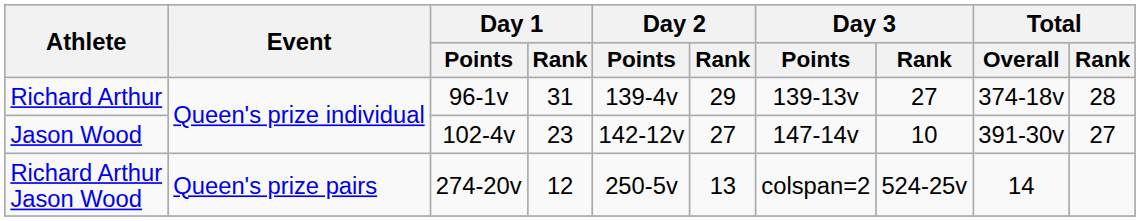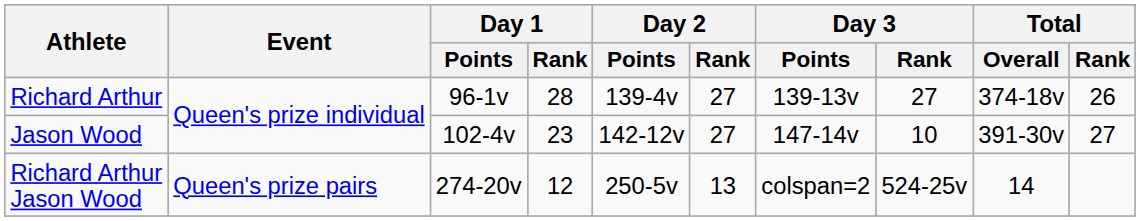 <table class="wikitable" style="font-size:90%">
 <tr>
 <th rowspan=2>Athlete</th>
 <th rowspan=2>Event</th>
 <th colspan=2>Day 1</th>
 <th colspan=2>Day 2</th>
 <th colspan=2>Day 3</th>
 <th colspan=2>Total</th>
 </tr>
 <tr style="font-size:95%">
 <th>Points</th>
 <th>Rank</th>
 <th>Points</th>
 <th>Rank</th>
 <th>Points</th>
 <th>Rank</th>
 <th>Overall</th>
 <th>Rank</th>
 </tr>
 <tr align=center>
 <td align=left><a href='#'>Richard Arthur</a></td>
 <td align=left rowspan=2><a href='#'>Queen's prize individual</a></td>
 <td>96-1v</td>
-<td>31</td>
+<td>28</td>
 <td>139-4v</td>
-<td>29</td>
+<td>27</td>
 <td>139-13v</td>
 <td>27</td>
 <td>374-18v</td>
-<td>28</td>
+<td>26</td>
 </tr>
 <tr align=center>
 <td align=left><a href='#'>Jason Wood</a></td>
 <td>102-4v</td>
 <td>23</td>
 <td>142-12v</td>
 <td>27</td>
 <td>147-14v</td>
 <td>10</td>
 <td>391-30v</td>
 <td>27</td>
 </tr>
 <tr align=center>
 <td align=left><a href='#'>Richard Arthur</a><br><a href='#'>Jason Wood</a></td>
 <td align=left><a href='#'>Queen's prize pairs</a></td>
 <td>274-20v</td>
 <td>12</td>
 <td>250-5v</td>
 <td>13</td>
 <td>colspan=2 </td>
 <td>524-25v</td>
 <td>14</td>
 </tr>
 </table>
